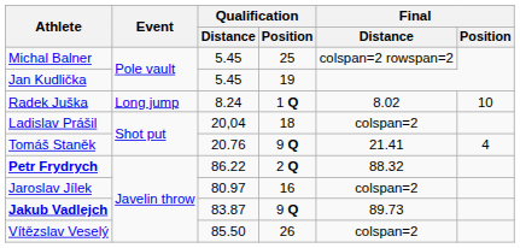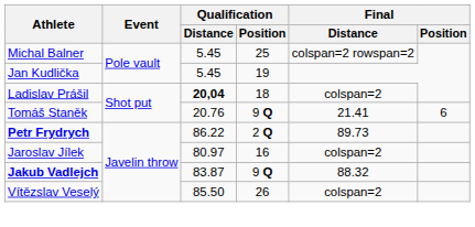 <table class=wikitable style=font-size:90%>
 <tr>
 <th rowspan=2>Athlete</th>
 <th rowspan=2>Event</th>
 <th colspan=2>Qualification</th>
 <th colspan=2>Final</th>
 </tr>
 <tr style=font-size:95%>
 <th>Distance</th>
 <th>Position</th>
 <th>Distance</th>
 <th>Position</th>
 </tr>
 <tr align=center>
 <td align=left><a href='#'>Michal Balner</a></td>
 <td align=left rowspan=2><a href='#'>Pole vault</a></td>
 <td>5.45</td>
 <td>25</td>
 <td>colspan=2 rowspan=2 </td>
 </tr>
 <tr align=center>
 <td align=left><a href='#'>Jan Kudlička</a></td>
 <td>5.45</td>
 <td>19</td>
 </tr>
 <tr align=center>
-<td align=left><a href='#'>Radek Juška</a></td>
-<td align=left><a href='#'>Long jump</a></td>
-<td>8.24</td>
-<td>1 <strong>Q</strong></td>
-<td>8.02</td>
-<td>10</td>
-</tr>
-<tr align=center>
 <td align=left><a href='#'>Ladislav Prášil</a></td>
 <td align=left rowspan=2><a href='#'>Shot put</a></td>
-<td>20,04</td>
+<td><strong>20,04</strong></td>
 <td>18</td>
 <td>colspan=2 </td>
 </tr>
 <tr align=center>
 <td align=left><a href='#'>Tomáš Staněk</a></td>
 <td>20.76</td>
 <td>9 <strong>Q</strong></td>
 <td>21.41</td>
-<td>4</td>
+<td>6</td>
 </tr>
 <tr align=center>
 <td align=left><strong><a href='#'>Petr Frydrych</a></strong></td>
 <td align=left rowspan=4><a href='#'>Javelin throw</a></td>
 <td>86.22 <strong></strong></td>
 <td>2 <strong>Q</strong></td>
-<td>88.32 <strong></strong></td>
+<td>89.73 <strong></strong></td>
 <td></td>
 </tr>
 <tr align=center>
 <td align=left><a href='#'>Jaroslav Jílek</a></td>
 <td>80.97</td>
 <td>16</td>
 <td>colspan=2 </td>
 </tr>
 <tr align=center>
 <td align=left><strong><a href='#'>Jakub Vadlejch</a></strong></td>
 <td>83.87</td>
 <td>9 <strong>Q</strong></td>
-<td>89.73 <strong></strong></td>
+<td>88.32 <strong></strong></td>
 <td></td>
 </tr>
 <tr align=center>
 <td align=left><a href='#'>Vítězslav Veselý</a></td>
 <td>85.50</td>
 <td>26</td>
 <td>colspan=2 </td>
 </tr>
 </table>
